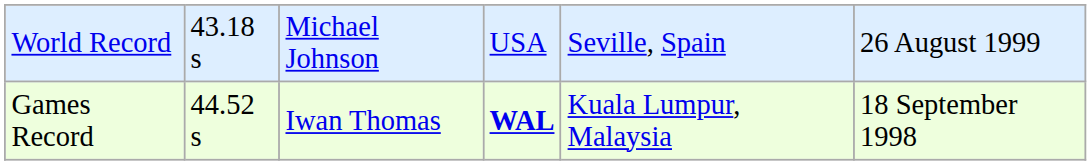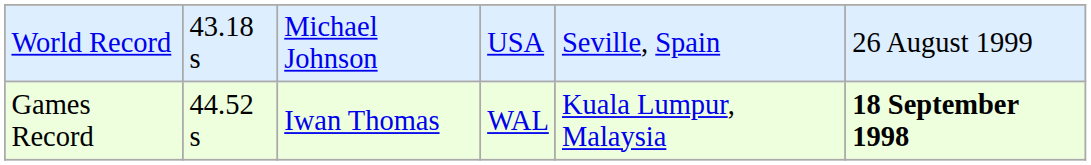 <table class="wikitable">
 <tr bgcolor = "ddeeff">
 <td><a href='#'>World Record</a></td>
 <td>43.18 s</td>
 <td><a href='#'>Michael Johnson</a></td>
 <td><a href='#'>USA</a></td>
 <td><a href='#'>Seville</a>, <a href='#'>Spain</a></td>
 <td>26 August 1999</td>
 </tr>
 <tr bgcolor = "eeffdd">
 <td>Games Record</td>
 <td>44.52 s</td>
 <td><a href='#'>Iwan Thomas</a></td>
-<td><strong><a href='#'>WAL</a></strong></td>
+<td><a href='#'>WAL</a></td>
 <td><a href='#'>Kuala Lumpur</a>, <a href='#'>Malaysia</a></td>
-<td>18 September 1998</td>
+<td><strong>18 September 1998</strong></td>
 </tr>
 </table>
